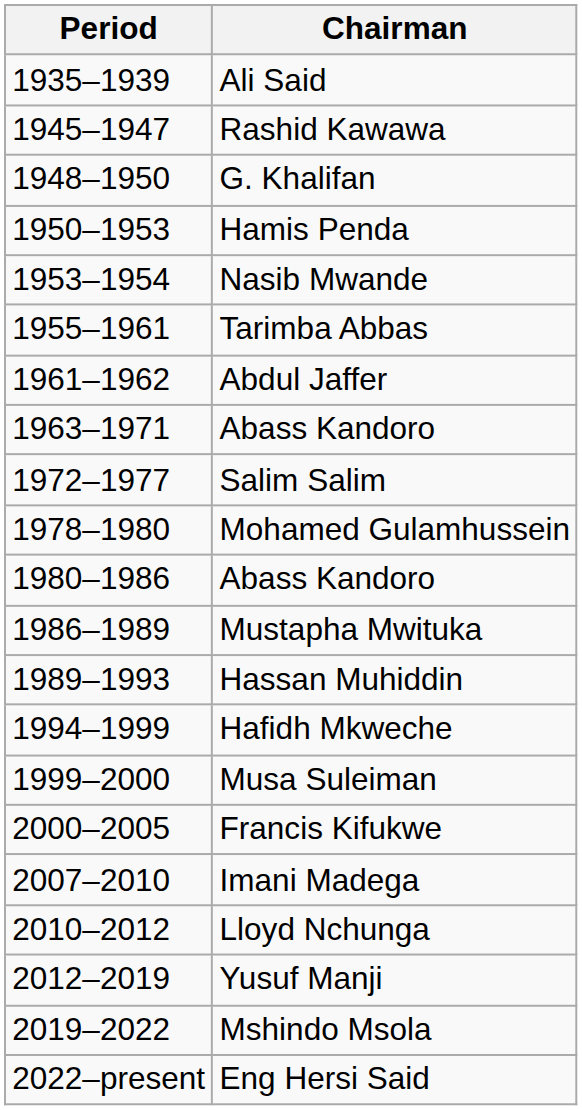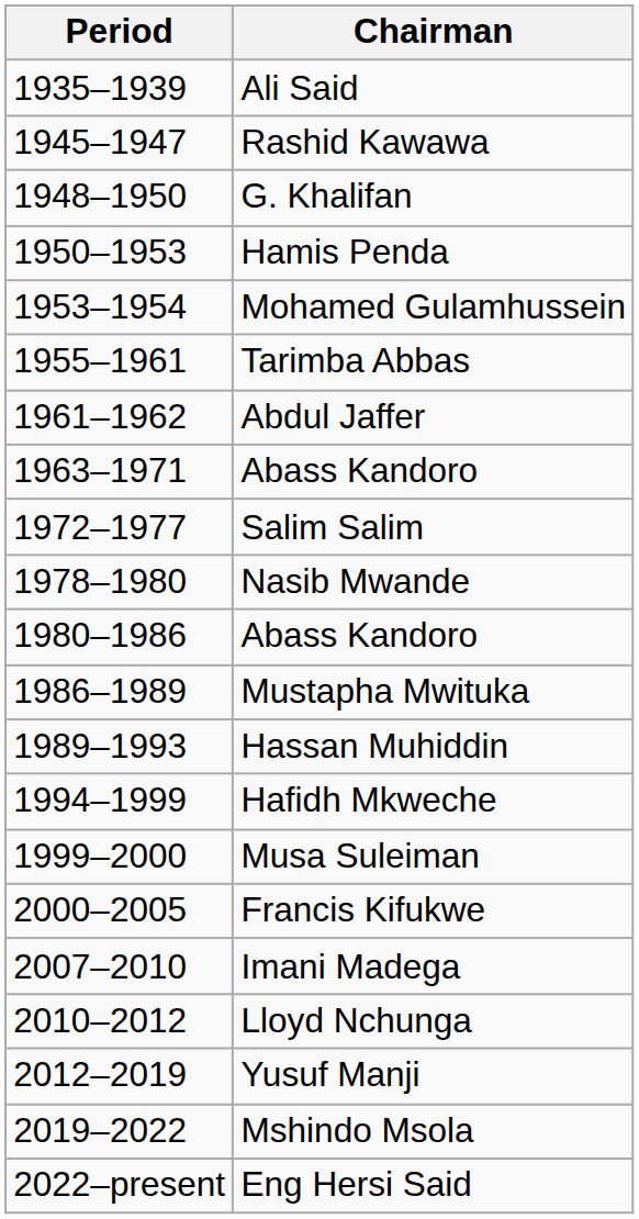 <table class="wikitable">
 <tr>
 <th>Period</th>
 <th>Chairman</th>
 </tr>
 <tr>
 <td>1935–1939</td>
 <td>Ali Said</td>
 </tr>
 <tr>
 <td>1945–1947</td>
 <td>Rashid Kawawa</td>
 </tr>
 <tr>
 <td>1948–1950</td>
 <td>G. Khalifan</td>
 </tr>
 <tr>
 <td>1950–1953</td>
 <td>Hamis Penda</td>
 </tr>
 <tr>
 <td>1953–1954</td>
-<td>Nasib Mwande</td>
+<td>Mohamed Gulamhussein</td>
 </tr>
 <tr>
 <td>1955–1961</td>
 <td>Tarimba Abbas</td>
 </tr>
 <tr>
 <td>1961–1962</td>
 <td>Abdul Jaffer</td>
 </tr>
 <tr>
 <td>1963–1971</td>
 <td>Abass Kandoro</td>
 </tr>
 <tr>
 <td>1972–1977</td>
 <td>Salim Salim</td>
 </tr>
 <tr>
 <td>1978–1980</td>
-<td>Mohamed Gulamhussein</td>
+<td>Nasib Mwande</td>
 </tr>
 <tr>
 <td>1980–1986</td>
 <td>Abass Kandoro</td>
 </tr>
 <tr>
 <td>1986–1989</td>
 <td>Mustapha Mwituka</td>
 </tr>
 <tr>
 <td>1989–1993</td>
 <td>Hassan Muhiddin</td>
 </tr>
 <tr>
 <td>1994–1999</td>
 <td>Hafidh Mkweche</td>
 </tr>
 <tr>
 <td>1999–2000</td>
 <td>Musa Suleiman</td>
 </tr>
 <tr>
 <td>2000–2005</td>
 <td>Francis Kifukwe</td>
 </tr>
 <tr>
 <td>2007–2010</td>
 <td>Imani Madega</td>
 </tr>
 <tr>
 <td>2010–2012</td>
 <td>Lloyd Nchunga</td>
 </tr>
 <tr>
 <td>2012–2019</td>
 <td>Yusuf Manji</td>
 </tr>
 <tr>
 <td>2019–2022</td>
 <td>Mshindo Msola</td>
 </tr>
 <tr>
 <td>2022–present</td>
 <td>Eng Hersi Said</td>
 </tr>
 </table>
